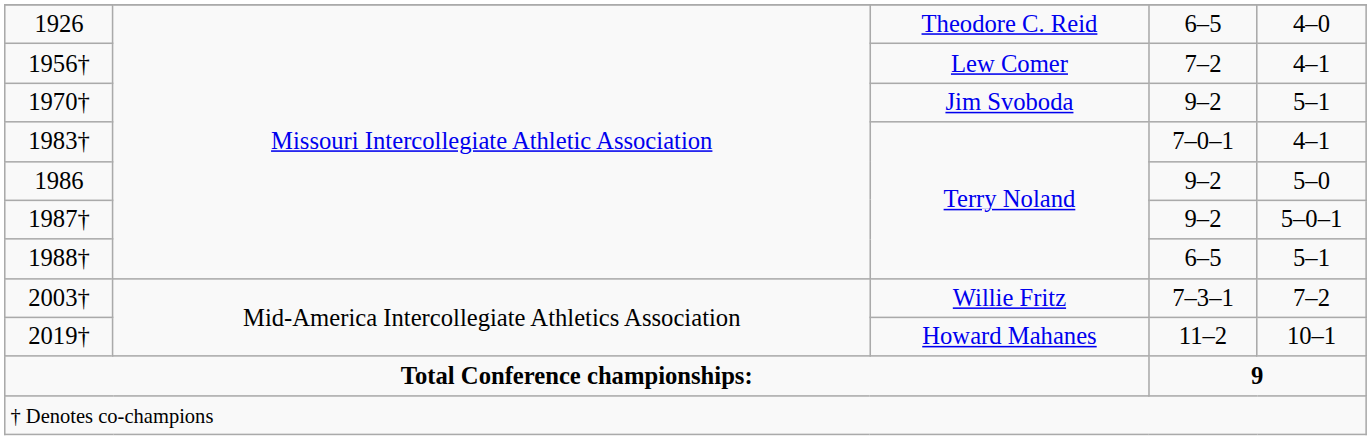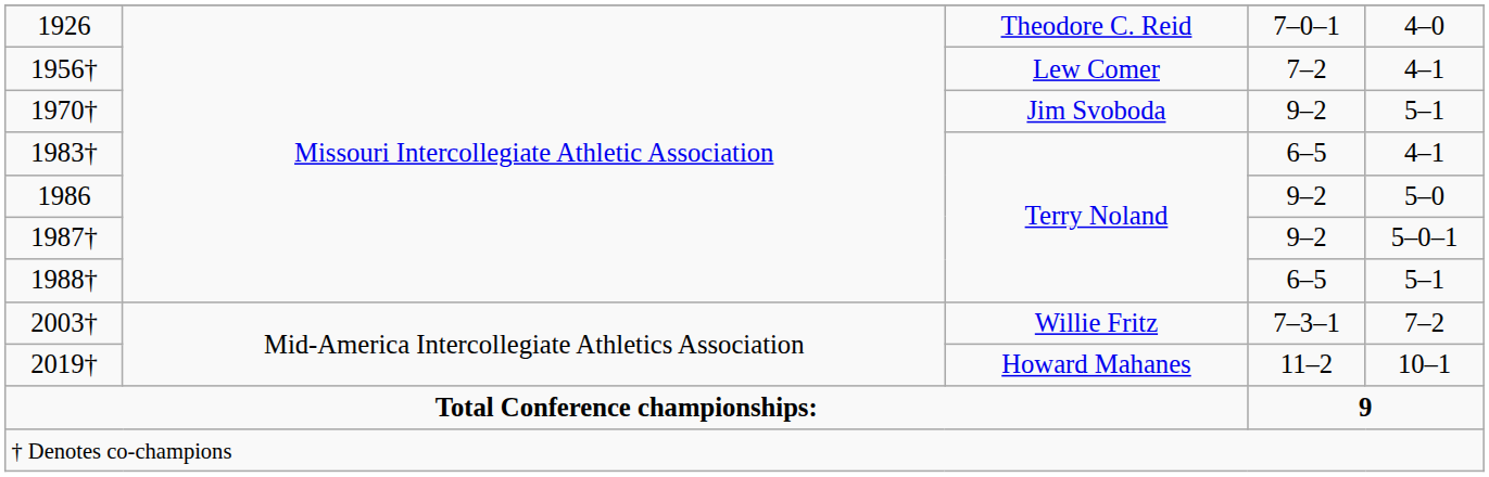 <table class="wikitable" width="70%">
 <tr>
 </tr>
 <tr align="center">
 <td>1926</td>
 <td rowspan=7><a href='#'>Missouri Intercollegiate Athletic Association</a></td>
 <td><a href='#'>Theodore C. Reid</a></td>
-<td>6–5</td>
+<td>7–0–1</td>
 <td>4–0</td>
 </tr>
 <tr align="center">
 <td>1956†</td>
 <td><a href='#'>Lew Comer</a></td>
 <td>7–2</td>
 <td>4–1</td>
 </tr>
 <tr align="center">
 <td>1970†</td>
 <td><a href='#'>Jim Svoboda</a></td>
 <td>9–2</td>
 <td>5–1</td>
 </tr>
 <tr align="center">
 <td>1983†</td>
 <td rowspan=4><a href='#'>Terry Noland</a></td>
-<td>7–0–1</td>
+<td>6–5</td>
 <td>4–1</td>
 </tr>
 <tr align="center">
 <td>1986</td>
 <td>9–2</td>
 <td>5–0</td>
 </tr>
 <tr align="center">
 <td>1987†</td>
 <td>9–2</td>
 <td>5–0–1</td>
 </tr>
 <tr align="center">
 <td>1988†</td>
 <td>6–5</td>
 <td>5–1</td>
 </tr>
 <tr align="center">
 <td>2003†</td>
 <td rowspan=2>Mid-America Intercollegiate Athletics Association</td>
 <td><a href='#'>Willie Fritz</a></td>
 <td>7–3–1</td>
 <td>7–2</td>
 </tr>
 <tr align="center">
 <td>2019†</td>
 <td><a href='#'>Howard Mahanes</a></td>
 <td>11–2</td>
 <td>10–1</td>
 </tr>
 <tr align="center">
 <td colspan=3><strong>Total Conference championships:</strong></td>
 <td colspan=2><strong>9</strong></td>
 </tr>
 <tr>
 <td colspan=7><small>† Denotes co-champions</small></td>
 </tr>
 </table>
